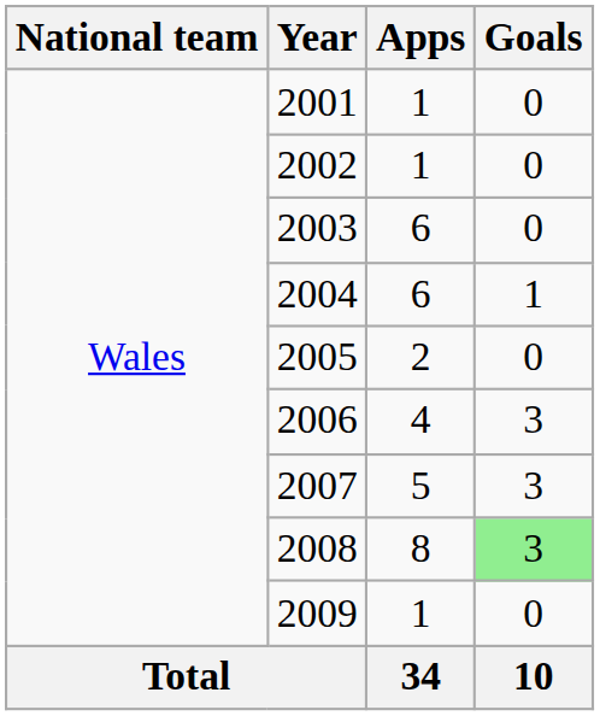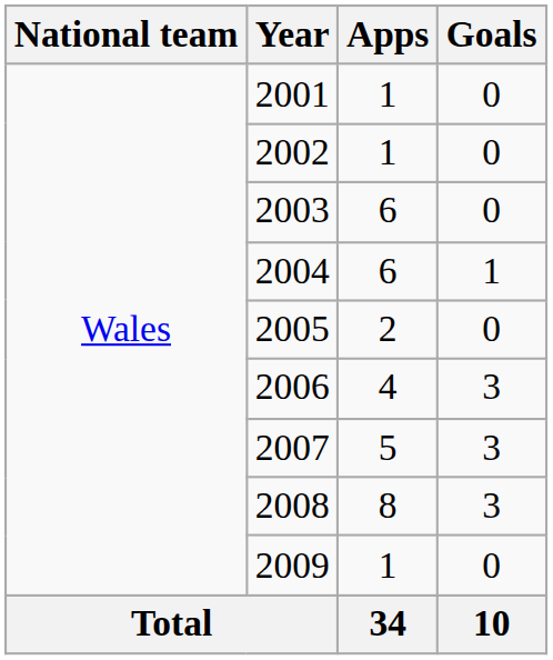 <table class="wikitable" style="text-align:center">
 <tr>
 <th>National team</th>
 <th>Year</th>
 <th>Apps</th>
 <th>Goals</th>
 </tr>
 <tr>
 <td rowspan="9"><a href='#'>Wales</a></td>
 <td>2001</td>
 <td>1</td>
 <td>0</td>
 </tr>
 <tr>
 <td>2002</td>
 <td>1</td>
 <td>0</td>
 </tr>
 <tr>
 <td>2003</td>
 <td>6</td>
 <td>0</td>
 </tr>
 <tr>
 <td>2004</td>
 <td>6</td>
 <td>1</td>
 </tr>
 <tr>
 <td>2005</td>
 <td>2</td>
 <td>0</td>
 </tr>
 <tr>
 <td>2006</td>
 <td>4</td>
 <td>3</td>
 </tr>
 <tr>
 <td>2007</td>
 <td>5</td>
 <td>3</td>
 </tr>
 <tr>
 <td>2008</td>
 <td>8</td>
-<td style="background: lightgreen;">3</td>
+<td>3</td>
 </tr>
 <tr>
 <td>2009</td>
 <td>1</td>
 <td>0</td>
 </tr>
 <tr>
 <th colspan="2">Total</th>
 <th>34</th>
 <th>10</th>
 </tr>
 </table>
